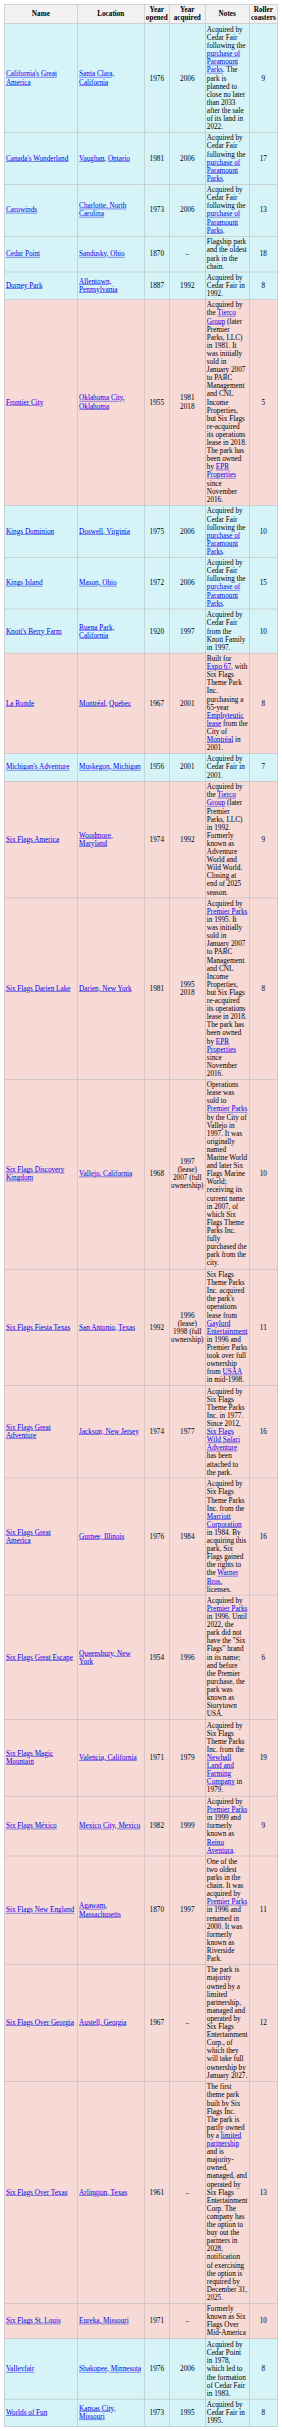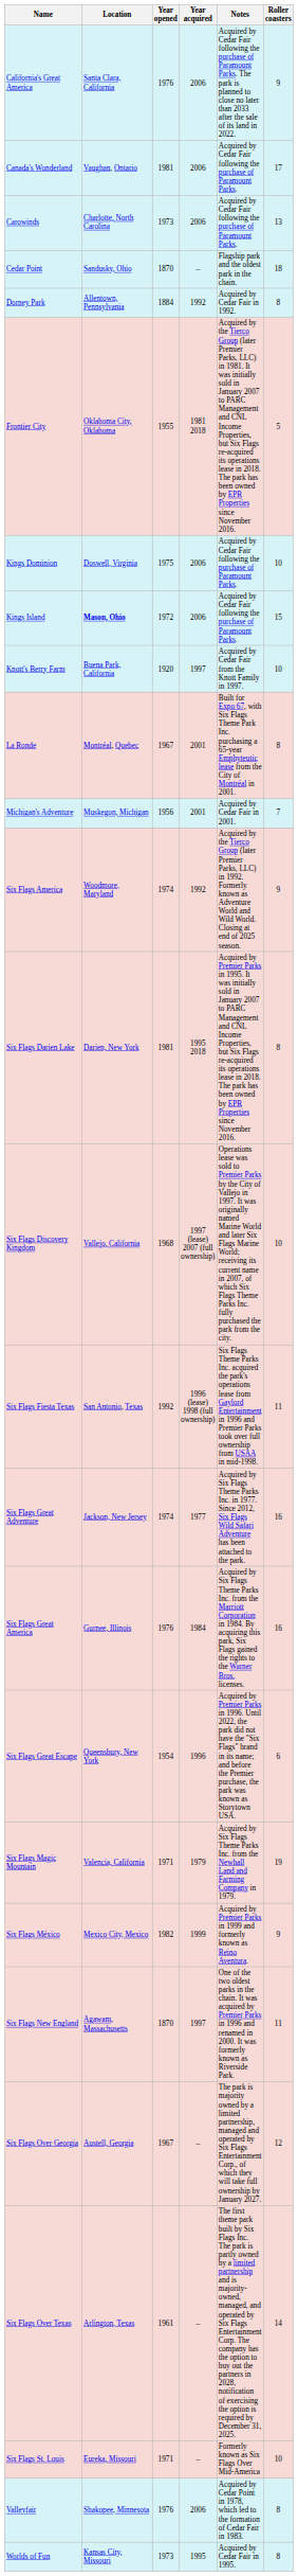 <table class="wikitable sortable">
 <tr>
 <th style="width:170px;">Name</th>
 <th style="width:150px;">Location</th>
 <th>Year opened</th>
 <th>Year acquired</th>
 <th>Notes</th>
 <th>Roller coasters</th>
 </tr>
 <tr>
 <td style="background:#d6f4f7;"><a href='#'>California's Great America</a></td>
 <td style="background:#d6f4f7;"><a href='#'>Santa Clara, California</a></td>
 <td style="text-align:center;background:#d6f4f7">1976</td>
 <td style="text-align:center;background:#d6f4f7">2006</td>
 <td style="background:#d6f4f7;">Acquired by Cedar Fair following the <a href='#'>purchase of Paramount Parks</a>. The park is planned to close no later than 2033 after the sale of its land in 2022.</td>
 <td style="background:#d6f4f7;text-align:center">9</td>
 </tr>
 <tr>
 <td style="background:#d6f4f7;"><a href='#'>Canada's Wonderland</a></td>
 <td style="background:#d6f4f7;"><a href='#'>Vaughan</a>, <a href='#'>Ontario</a></td>
 <td style="background:#d6f4f7;text-align:center">1981</td>
 <td style="background:#d6f4f7;text-align:center">2006</td>
 <td style="background:#d6f4f7;">Acquired by Cedar Fair following the <a href='#'>purchase of Paramount Parks</a>.</td>
 <td style="background:#d6f4f7;text-align:center">17</td>
 </tr>
 <tr>
 <td style="background:#d6f4f7;"><a href='#'>Carowinds</a></td>
 <td style="background:#d6f4f7;"><a href='#'>Charlotte, North Carolina</a></td>
 <td style="background:#d6f4f7;text-align:center">1973</td>
 <td style="background:#d6f4f7;text-align:center">2006</td>
 <td style="background:#d6f4f7;">Acquired by Cedar Fair following the <a href='#'>purchase of Paramount Parks</a>.</td>
 <td style="background:#d6f4f7;text-align:center">13</td>
 </tr>
 <tr>
 <td style="background:#d6f4f7;"><a href='#'>Cedar Point</a></td>
 <td style="background:#d6f4f7;"><a href='#'>Sandusky, Ohio</a></td>
 <td style="background:#d6f4f7;text-align:center">1870</td>
 <td style="background:#d6f4f7;text-align:center";>–</td>
 <td style="background:#d6f4f7;">Flagship park and the oldest park in the chain.</td>
 <td style="background:#d6f4f7;text-align:center">18</td>
 </tr>
 <tr>
 <td style="background:#d6f4f7;"><a href='#'>Dorney Park</a></td>
 <td style="background:#d6f4f7;"><a href='#'>Allentown, Pennsylvania</a></td>
-<td style="background:#d6f4f7;text-align:center">1887</td>
+<td style="background:#d6f4f7;text-align:center">1884</td>
 <td style="background:#d6f4f7;text-align:center">1992</td>
 <td style="background:#d6f4f7;">Acquired by Cedar Fair in 1992.</td>
 <td style="background:#d6f4f7;text-align:center">8</td>
 </tr>
 <tr>
 <td style="background:#f7d9d6;"><a href='#'>Frontier City</a></td>
 <td style="background:#f7d9d6;"><a href='#'>Oklahoma City, Oklahoma</a></td>
 <td style="background:#f7d9d6;text-align:center">1955</td>
 <td style="background:#f7d9d6;text-align:center">1981<br>2018</td>
 <td style="background:#f7d9d6;">Acquired by the <a href='#'>Tierco Group</a> (later Premier Parks, LLC) in 1981. It was initially sold in January 2007 to PARC Management and CNL Income Properties, but Six Flags re-acquired its operations lease in 2018. The park has been owned by <a href='#'>EPR Properties</a> since November 2016.</td>
 <td style="background:#f7d9d6;text-align:center">5</td>
 </tr>
 <tr>
 <td style="background:#d6f4f7;"><a href='#'>Kings Dominion</a></td>
 <td style="background:#d6f4f7;"><a href='#'>Doswell, Virginia</a></td>
 <td style="background:#d6f4f7;text-align:center">1975</td>
 <td style="background:#d6f4f7;text-align:center">2006</td>
 <td style="background:#d6f4f7;">Acquired by Cedar Fair following the <a href='#'>purchase of Paramount Parks</a>.</td>
 <td style="background:#d6f4f7;text-align:center">10</td>
 </tr>
 <tr>
 <td style="background:#d6f4f7;"><a href='#'>Kings Island</a></td>
-<td style="background:#d6f4f7;"><a href='#'>Mason, Ohio</a></td>
+<td style="background:#d6f4f7;"><strong><a href='#'>Mason, Ohio</a></strong></td>
 <td style="background:#d6f4f7;text-align:center">1972</td>
 <td style="background:#d6f4f7;text-align:center">2006</td>
 <td style="background:#d6f4f7;">Acquired by Cedar Fair following the <a href='#'>purchase of Paramount Parks</a>.</td>
 <td style="background:#d6f4f7;text-align:center">15</td>
 </tr>
 <tr>
 <td style="background:#d6f4f7;"><a href='#'>Knott's Berry Farm</a></td>
 <td style="background:#d6f4f7;"><a href='#'>Buena Park, California</a></td>
 <td style="background:#d6f4f7;text-align:center">1920</td>
 <td style="background:#d6f4f7;text-align:center">1997</td>
 <td style="background:#d6f4f7;">Acquired by Cedar Fair from the Knott Family in 1997.</td>
 <td style="background:#d6f4f7;text-align:center">10</td>
 </tr>
 <tr>
 <td style="background:#f7d9d6;"><a href='#'>La Ronde</a></td>
 <td style="background:#f7d9d6;"><a href='#'>Montréal</a>, <a href='#'>Quebec</a></td>
 <td style="background:#f7d9d6;text-align:center">1967</td>
 <td style="background:#f7d9d6;text-align:center">2001</td>
 <td style="background:#f7d9d6;">Built for <a href='#'>Expo 67</a>, with Six Flags Theme Park Inc. purchasing a 65-year <a href='#'>Emphyteutic lease</a> from the City of <a href='#'>Montréal</a> in 2001.</td>
 <td style="background:#f7d9d6;text-align:center">8</td>
 </tr>
 <tr>
 <td style="background:#d6f4f7;"><a href='#'>Michigan's Adventure</a></td>
 <td style="background:#d6f4f7;"><a href='#'>Muskegon, Michigan</a></td>
 <td style="background:#d6f4f7;text-align:center">1956</td>
 <td style="background:#d6f4f7;text-align:center">2001</td>
 <td style="background:#d6f4f7;">Acquired by Cedar Fair in 2001.</td>
 <td style="background:#d6f4f7;text-align:center">7</td>
 </tr>
 <tr>
 <td style="background:#f7d9d6;"><a href='#'>Six Flags America</a></td>
 <td style="background:#f7d9d6;"><a href='#'>Woodmore, Maryland</a></td>
 <td style="background:#f7d9d6;text-align:center">1974</td>
 <td style="background:#f7d9d6;text-align:center">1992</td>
 <td style="background:#f7d9d6;">Acquired by the <a href='#'>Tierco Group</a> (later Premier Parks, LLC) in 1992. Formerly known as Adventure World and Wild World. Closing at end of 2025 season.</td>
 <td style="background:#f7d9d6;text-align:center">9</td>
 </tr>
 <tr>
 <td style="background:#f7d9d6;"><a href='#'>Six Flags Darien Lake</a></td>
 <td style="background:#f7d9d6;"><a href='#'>Darien, New York</a></td>
 <td style="background:#f7d9d6;text-align:center">1981</td>
 <td style="background:#f7d9d6;text-align:center">1995<br>2018</td>
 <td style="background:#f7d9d6;">Acquired by <a href='#'>Premier Parks</a> in 1995. It was initially sold in January 2007 to PARC Management and CNL Income Properties, but Six Flags re-acquired its operations lease in 2018. The park has been owned by <a href='#'>EPR Properties</a> since November 2016.</td>
 <td style="background:#f7d9d6;text-align:center">8</td>
 </tr>
 <tr>
 <td style="background:#f7d9d6;"><a href='#'>Six Flags Discovery Kingdom</a></td>
 <td style="background:#f7d9d6;"><a href='#'>Vallejo, California</a></td>
 <td style="background:#f7d9d6;text-align:center">1968</td>
 <td style="background:#f7d9d6;text-align:center">1997 (lease)<br>2007 (full ownership)</td>
 <td style="background:#f7d9d6;">Operations lease was sold to <a href='#'>Premier Parks</a> by the City of Vallejo in 1997. It was originally named Marine World and later Six Flags Marine World; receiving its current name in 2007, of which Six Flags Theme Parks Inc. fully purchased the park from the city.</td>
 <td style="background:#f7d9d6;text-align:center">10</td>
 </tr>
 <tr>
 <td style="background:#f7d9d6;"><a href='#'>Six Flags Fiesta Texas</a></td>
 <td style="background:#f7d9d6;"><a href='#'>San Antonio</a>, <a href='#'>Texas</a></td>
 <td style="background:#f7d9d6;text-align:center">1992</td>
 <td style="background:#f7d9d6;text-align:center">1996 (lease)<br>1998 (full ownership)</td>
 <td style="background:#f7d9d6;">Six Flags Theme Parks Inc. acquired the park's operations lease from <a href='#'>Gaylord Entertainment</a> in 1996 and Premier Parks took over full ownership from <a href='#'>USAA</a> in mid-1998.</td>
 <td style="background:#f7d9d6;text-align:center">11</td>
 </tr>
 <tr>
 <td style="background:#f7d9d6;"><a href='#'>Six Flags Great Adventure</a></td>
 <td style="background:#f7d9d6;"><a href='#'>Jackson, New Jersey</a></td>
 <td style="background:#f7d9d6;text-align:center">1974</td>
 <td style="background:#f7d9d6;text-align:center">1977</td>
 <td style="background:#f7d9d6;">Acquired by Six Flags Theme Parks Inc. in 1977. Since 2012, <a href='#'>Six Flags Wild Safari Adventure</a> has been attached to the park.</td>
 <td style="background:#f7d9d6;text-align:center">16</td>
 </tr>
 <tr>
 <td style="background:#f7d9d6;"><a href='#'>Six Flags Great America</a></td>
 <td style="background:#f7d9d6;"><a href='#'>Gurnee, Illinois</a></td>
 <td style="background:#f7d9d6;text-align:center">1976</td>
 <td style="background:#f7d9d6;text-align:center">1984</td>
 <td style="background:#f7d9d6;">Acquired by Six Flags Theme Parks Inc. from the <a href='#'>Marriott Corporation</a> in 1984. By acquiring this park, Six Flags gained the rights to the <a href='#'>Warner Bros.</a> licenses.</td>
 <td style="background:#f7d9d6;text-align:center">16</td>
 </tr>
 <tr>
 <td style="background:#f7d9d6;"><a href='#'>Six Flags Great Escape</a></td>
 <td style="background:#f7d9d6;"><a href='#'>Queensbury, New York</a></td>
 <td style="background:#f7d9d6;text-align:center">1954</td>
 <td style="background:#f7d9d6;text-align:center">1996</td>
 <td style="background:#f7d9d6;">Acquired by <a href='#'>Premier Parks</a> in 1996. Until 2022, the park did not have the "Six Flags" brand in its name; and before the Premier purchase, the park was known as Storytown USA.</td>
 <td style="background:#f7d9d6;text-align:center">6</td>
 </tr>
 <tr>
 <td style="background:#f7d9d6;"><a href='#'>Six Flags Magic Mountain</a></td>
 <td style="background:#f7d9d6;"><a href='#'>Valencia, California</a></td>
 <td style="background:#f7d9d6;text-align:center">1971</td>
 <td style="background:#f7d9d6;text-align:center">1979</td>
 <td style="background:#f7d9d6;">Acquired by Six Flags Theme Parks Inc. from the <a href='#'>Newhall Land and Farming Company</a> in 1979.</td>
 <td style="background:#f7d9d6;text-align:center">19</td>
 </tr>
 <tr>
 <td style="background:#f7d9d6;"><a href='#'>Six Flags México</a></td>
 <td style="background:#f7d9d6;"><a href='#'>Mexico City, Mexico</a></td>
 <td style="background:#f7d9d6;text-align:center">1982</td>
 <td style="background:#f7d9d6;text-align:center">1999</td>
 <td style="background:#f7d9d6;">Acquired by <a href='#'>Premier Parks</a> in 1999 and formerly known as <a href='#'>Reino Aventura</a>.</td>
 <td style="background:#f7d9d6;text-align:center">9</td>
 </tr>
 <tr>
 <td style="background:#f7d9d6;"><a href='#'>Six Flags New England</a></td>
 <td style="background:#f7d9d6;"><a href='#'>Agawam, Massachusetts</a></td>
 <td style="background:#f7d9d6;text-align:center">1870</td>
 <td style="background:#f7d9d6;text-align:center">1997</td>
 <td style="background:#f7d9d6;">One of the two oldest parks in the chain. It was acquired by <a href='#'>Premier Parks</a> in 1996 and renamed in 2000. It was formerly known as Riverside Park.</td>
 <td style="background:#f7d9d6;text-align:center">11</td>
 </tr>
 <tr>
 <td style="background:#f7d9d6;"><a href='#'>Six Flags Over Georgia</a></td>
 <td style="background:#f7d9d6;"><a href='#'>Austell, Georgia</a></td>
 <td style="background:#f7d9d6;text-align:center">1967</td>
 <td style="background:#f7d9d6;text-align:center">–</td>
 <td style="background:#f7d9d6;">The park is majority owned by a limited partnership, managed and operated by Six Flags Entertainment Corp., of which they will take full ownership by January 2027.</td>
 <td style="background:#f7d9d6;text-align:center">12</td>
 </tr>
 <tr>
 <td style="background:#f7d9d6;"><a href='#'>Six Flags Over Texas</a></td>
 <td style="background:#f7d9d6;"><a href='#'>Arlington, Texas</a></td>
 <td style="background:#f7d9d6;text-align:center">1961</td>
 <td style="background:#f7d9d6;text-align:center">–</td>
 <td style="background:#f7d9d6;">The first theme park built by Six Flags Inc. The park is partly owned by a <a href='#'>limited partnership</a> and is majority-owned, managed, and operated by Six Flags Entertainment Corp. The company has the option to buy out the partners in 2028, notification of exercising the option is required by December 31, 2025.</td>
-<td style="background:#f7d9d6;text-align:center">13</td>
+<td style="background:#f7d9d6;text-align:center">14</td>
 </tr>
 <tr>
 <td style="background:#f7d9d6;"><a href='#'>Six Flags St. Louis</a></td>
 <td style="background:#f7d9d6;"><a href='#'>Eureka, Missouri</a></td>
 <td style="background:#f7d9d6;text-align:center">1971</td>
 <td style="background:#f7d9d6;text-align:center">–</td>
 <td style="background:#f7d9d6;">Formerly known as Six Flags Over Mid-America</td>
 <td style="background:#f7d9d6;text-align:center">10</td>
 </tr>
 <tr>
 <td style="background:#d6f4f7;"><a href='#'>Valleyfair</a></td>
 <td style="background:#d6f4f7;"><a href='#'>Shakopee, Minnesota</a></td>
 <td style="background:#d6f4f7;text-align:center">1976</td>
 <td style="background:#d6f4f7;text-align:center">2006</td>
 <td style="background:#d6f4f7;">Acquired by Cedar Point in 1978, which led to the formation of Cedar Fair in 1983.</td>
 <td style="background:#d6f4f7;text-align:center">8</td>
 </tr>
 <tr>
 <td style="background:#d6f4f7;"><a href='#'>Worlds of Fun</a></td>
 <td style="background:#d6f4f7;"><a href='#'>Kansas City, Missouri</a></td>
 <td style="background:#d6f4f7;text-align:center">1973</td>
 <td style="background:#d6f4f7;text-align:center">1995</td>
 <td style="background:#d6f4f7;">Acquired by Cedar Fair in 1995.</td>
 <td style="background:#d6f4f7;text-align:center">8</td>
 </tr>
 </table>
